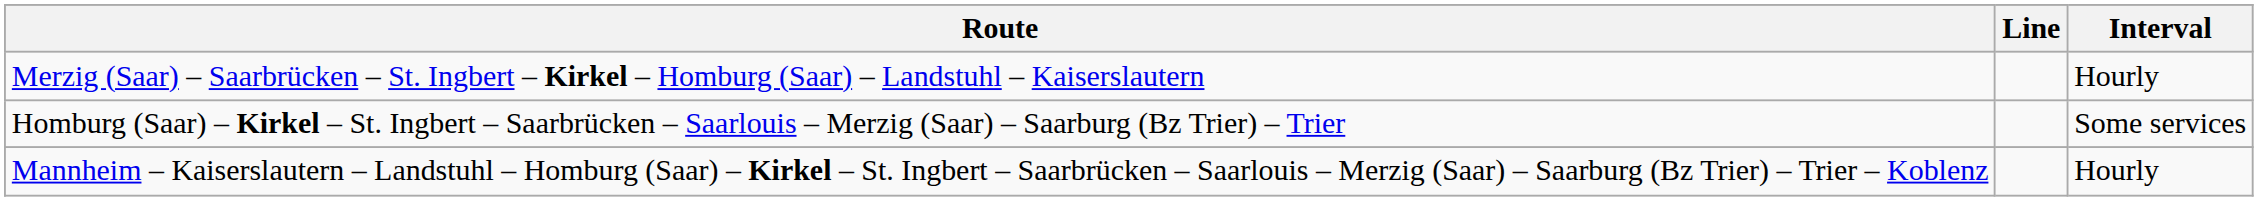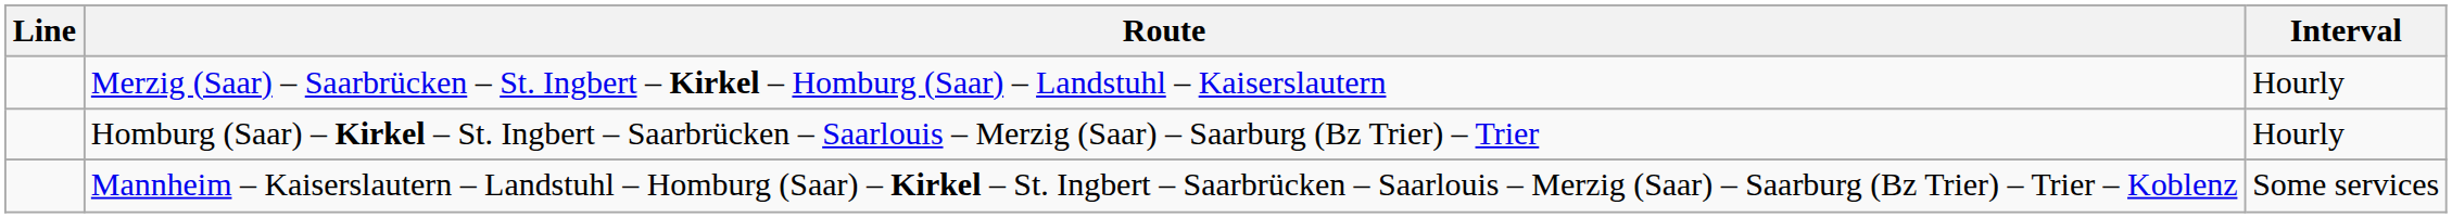 <table class="wikitable">
 <tr>
+<th>Line</th>
 <th>Route</th>
-<th>Line</th>
 <th>Interval</th>
 </tr>
 <tr>
+<td></td>
 <td><a href='#'>Merzig (Saar)</a> – <a href='#'>Saarbrücken</a> – <a href='#'>St. Ingbert</a> – <strong>Kirkel</strong> – <a href='#'>Homburg (Saar)</a> – <a href='#'>Landstuhl</a> – <a href='#'>Kaiserslautern</a></td>
-<td></td>
 <td>Hourly</td>
 </tr>
 <tr>
+<td></td>
 <td>Homburg (Saar) – <strong>Kirkel</strong> – St. Ingbert – Saarbrücken – <a href='#'>Saarlouis</a> – Merzig (Saar) – Saarburg (Bz Trier) – <a href='#'>Trier</a></td>
+<td>Hourly</td>
+</tr>
+<tr>
 <td></td>
+<td><a href='#'>Mannheim</a> – Kaiserslautern – Landstuhl – Homburg (Saar) – <strong>Kirkel</strong> – St. Ingbert – Saarbrücken – Saarlouis – Merzig (Saar) – Saarburg (Bz Trier) – Trier – <a href='#'>Koblenz</a></td>
 <td>Some services</td>
 </tr>
-<tr>
-<td><a href='#'>Mannheim</a> – Kaiserslautern – Landstuhl – Homburg (Saar) – <strong>Kirkel</strong> – St. Ingbert – Saarbrücken – Saarlouis – Merzig (Saar) – Saarburg (Bz Trier) – Trier – <a href='#'>Koblenz</a></td>
-<td></td>
-<td>Hourly</td>
-</tr>
 </table>
